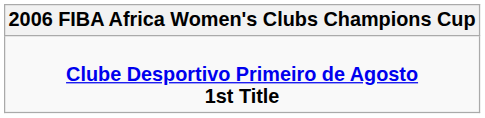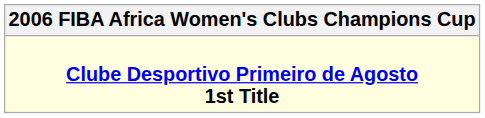 <table class=wikitable style="text-align:center; margin:auto">
 <tr>
 <th>2006 FIBA Africa Women's Clubs Champions Cup</th>
 </tr>
 <tr>
-<td><br><strong><a href='#'>Clube Desportivo Primeiro de Agosto</a></strong><br><strong>1st Title</strong></td>
+<td style="background: lightyellow;"><br><strong><a href='#'>Clube Desportivo Primeiro de Agosto</a></strong><br><strong>1st Title</strong></td>
 </tr>
 </table>
